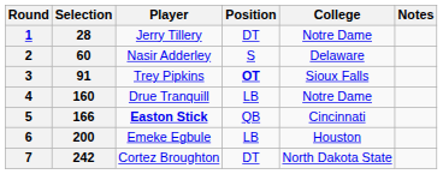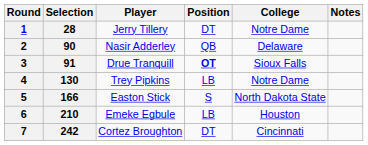 <table class="wikitable" style="text-align:center">
 <tr>
 <th>Round</th>
 <th>Selection</th>
 <th>Player</th>
 <th>Position</th>
 <th>College</th>
 <th>Notes</th>
 </tr>
 <tr>
 <th><a href='#'>1</a></th>
 <th>28</th>
 <td><a href='#'>Jerry Tillery</a></td>
 <td><a href='#'>DT</a></td>
 <td><a href='#'>Notre Dame</a></td>
 <td></td>
 </tr>
 <tr>
 <th>2</th>
-<th>60</th>
+<th>90</th>
 <td><a href='#'>Nasir Adderley</a></td>
-<td><a href='#'>S</a></td>
+<td><a href='#'>QB</a></td>
 <td><a href='#'>Delaware</a></td>
 <td></td>
 </tr>
 <tr>
 <th>3</th>
 <th>91</th>
-<td><a href='#'>Trey Pipkins</a></td>
+<td><a href='#'>Drue Tranquill</a></td>
 <td><strong><a href='#'>OT</a></strong></td>
 <td><a href='#'>Sioux Falls</a></td>
 <td></td>
 </tr>
 <tr>
 <th>4</th>
-<th>160</th>
-<td><a href='#'>Drue Tranquill</a></td>
+<th>130</th>
+<td><a href='#'>Trey Pipkins</a></td>
 <td><a href='#'>LB</a></td>
 <td><a href='#'>Notre Dame</a></td>
 <td></td>
 </tr>
 <tr>
 <th>5</th>
 <th>166</th>
-<td><strong><a href='#'>Easton Stick</a></strong></td>
-<td><a href='#'>QB</a></td>
-<td><a href='#'>Cincinnati</a></td>
+<td><a href='#'>Easton Stick</a></td>
+<td><a href='#'>S</a></td>
+<td><a href='#'>North Dakota State</a></td>
 <td></td>
 </tr>
 <tr>
 <th>6</th>
-<th>200</th>
+<th>210</th>
 <td><a href='#'>Emeke Egbule</a></td>
 <td><a href='#'>LB</a></td>
 <td><a href='#'>Houston</a></td>
 <td></td>
 </tr>
 <tr>
 <th>7</th>
 <th>242</th>
 <td><a href='#'>Cortez Broughton</a></td>
 <td><a href='#'>DT</a></td>
-<td><a href='#'>North Dakota State</a></td>
+<td><a href='#'>Cincinnati</a></td>
 <td></td>
 </tr>
 </table>
